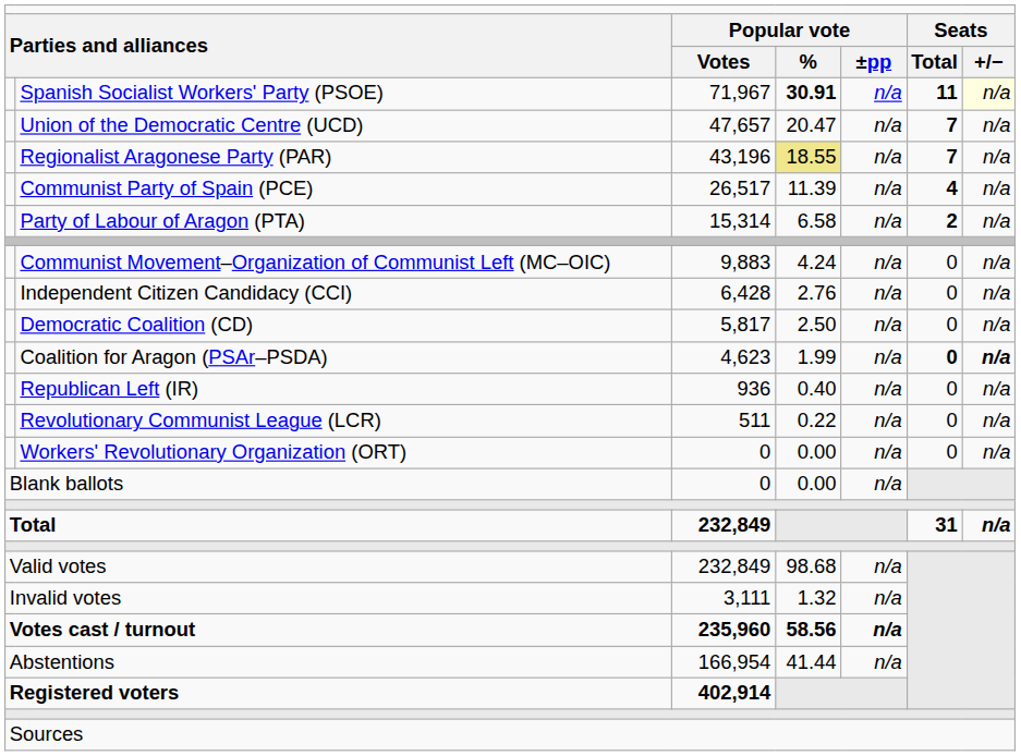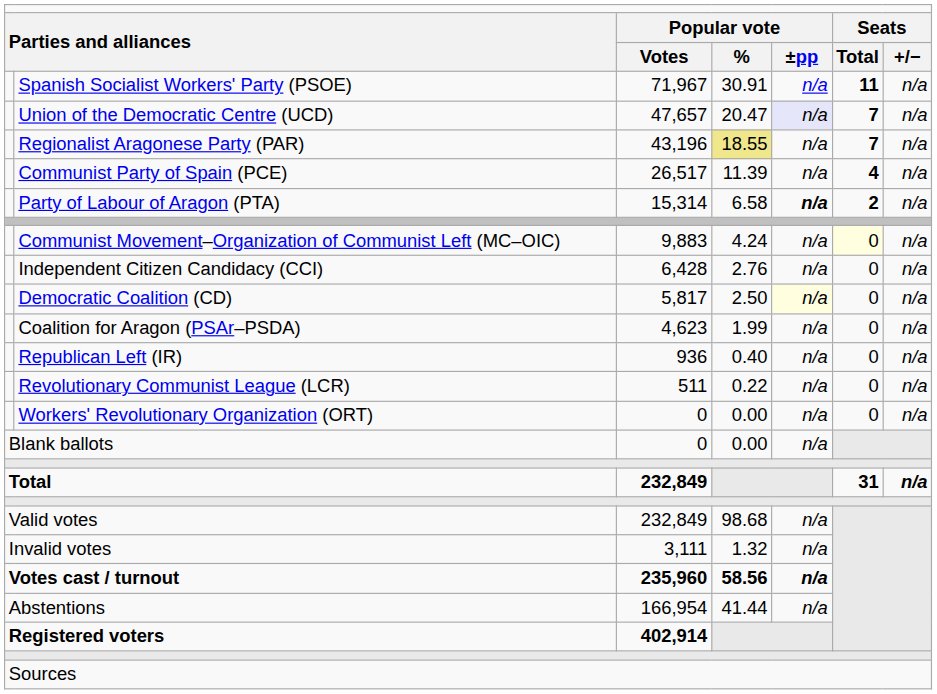 <table class="wikitable" style="text-align:right;">
 <tr>
 <td colspan="7"></td>
 </tr>
 <tr>
 <th style="text-align:left;" rowspan="2" colspan="2" width="525">Parties and alliances</th>
 <th colspan="3">Popular vote</th>
 <th colspan="2">Seats</th>
 </tr>
 <tr>
 <th width="75">Votes</th>
 <th width="45">%</th>
 <th width="45">±<a href='#'>pp</a></th>
 <th width="35">Total</th>
 <th width="35">+/−</th>
 </tr>
 <tr>
 <td width="1" style="color:inherit;background:"></td>
 <td align="left"><a href='#'>Spanish Socialist Workers' Party</a> (PSOE)</td>
 <td>71,967</td>
-<td><strong>30.91</strong></td>
+<td>30.91</td>
 <td><em><a href='#'>n/a</a></em></td>
 <td><strong>11</strong></td>
-<td style="background: lightyellow;"><em>n/a</em></td>
+<td><em>n/a</em></td>
 </tr>
 <tr>
 <td style="color:inherit;background:"></td>
 <td align="left"><a href='#'>Union of the Democratic Centre</a> (UCD)</td>
 <td>47,657</td>
 <td>20.47</td>
-<td><em>n/a</em></td>
+<td style="background: lavender;"><em>n/a</em></td>
 <td><strong>7</strong></td>
 <td><em>n/a</em></td>
 </tr>
 <tr>
 <td style="color:inherit;background:"></td>
 <td align="left"><a href='#'>Regionalist Aragonese Party</a> (PAR)</td>
 <td>43,196</td>
 <td style="background: khaki;">18.55</td>
 <td><em>n/a</em></td>
 <td><strong>7</strong></td>
 <td><em>n/a</em></td>
 </tr>
 <tr>
 <td style="color:inherit;background:"></td>
 <td align="left"><a href='#'>Communist Party of Spain</a> (PCE)</td>
 <td>26,517</td>
 <td>11.39</td>
 <td><em>n/a</em></td>
 <td><strong>4</strong></td>
 <td><em>n/a</em></td>
 </tr>
 <tr>
 <td style="color:inherit;background:"></td>
 <td align="left"><a href='#'>Party of Labour of Aragon</a> (PTA)</td>
 <td>15,314</td>
 <td>6.58</td>
-<td><em>n/a</em></td>
+<td><strong><em>n/a</em></strong></td>
 <td><strong>2</strong></td>
 <td><em>n/a</em></td>
 </tr>
 <tr>
 <td colspan="7" bgcolor="#C0C0C0"></td>
 </tr>
 <tr>
 <td style="color:inherit;background:"></td>
 <td align="left"><a href='#'>Communist Movement</a>–<a href='#'>Organization of Communist Left</a> (MC–OIC)</td>
 <td>9,883</td>
 <td>4.24</td>
 <td><em>n/a</em></td>
-<td>0</td>
+<td style="background: lightyellow;">0</td>
 <td><em>n/a</em></td>
 </tr>
 <tr>
 <td style="color:inherit;background:"></td>
 <td align="left">Independent Citizen Candidacy (CCI)</td>
 <td>6,428</td>
 <td>2.76</td>
 <td><em>n/a</em></td>
 <td>0</td>
 <td><em>n/a</em></td>
 </tr>
 <tr>
 <td style="color:inherit;background:"></td>
 <td align="left"><a href='#'>Democratic Coalition</a> (CD)</td>
 <td>5,817</td>
 <td>2.50</td>
-<td><em>n/a</em></td>
+<td style="background: lightyellow;"><em>n/a</em></td>
 <td>0</td>
 <td><em>n/a</em></td>
 </tr>
 <tr>
 <td style="color:inherit;background:"></td>
 <td align="left">Coalition for Aragon (<a href='#'>PSAr</a>–PSDA)</td>
 <td>4,623</td>
 <td>1.99</td>
 <td><em>n/a</em></td>
-<td><strong>0</strong></td>
-<td><strong><em>n/a</em></strong></td>
+<td>0</td>
+<td><em>n/a</em></td>
 </tr>
 <tr>
 <td style="color:inherit;background:"></td>
 <td align="left"><a href='#'>Republican Left</a> (IR)</td>
 <td>936</td>
 <td>0.40</td>
 <td><em>n/a</em></td>
 <td>0</td>
 <td><em>n/a</em></td>
 </tr>
 <tr>
 <td style="color:inherit;background:"></td>
 <td align="left"><a href='#'>Revolutionary Communist League</a> (LCR)</td>
 <td>511</td>
 <td>0.22</td>
 <td><em>n/a</em></td>
 <td>0</td>
 <td><em>n/a</em></td>
 </tr>
 <tr>
 <td style="color:inherit;background:"></td>
 <td align="left"><a href='#'>Workers' Revolutionary Organization</a> (ORT)</td>
 <td>0</td>
 <td>0.00</td>
 <td><em>n/a</em></td>
 <td>0</td>
 <td><em>n/a</em></td>
 </tr>
 <tr>
 <td align="left" colspan="2">Blank ballots</td>
 <td>0</td>
 <td>0.00</td>
 <td><em>n/a</em></td>
 <td bgcolor="#E9E9E9" colspan="2"></td>
 </tr>
 <tr>
 <td colspan="7" bgcolor="#E9E9E9"></td>
 </tr>
 <tr style="font-weight:bold;">
 <td align="left" colspan="2">Total</td>
 <td>232,849</td>
 <td bgcolor="#E9E9E9" colspan="2"></td>
 <td>31</td>
 <td><em>n/a</em></td>
 </tr>
 <tr>
 <td colspan="7" bgcolor="#E9E9E9"></td>
 </tr>
 <tr>
 <td align="left" colspan="2">Valid votes</td>
 <td>232,849</td>
 <td>98.68</td>
 <td><em>n/a</em></td>
 <td bgcolor="#E9E9E9" colspan="2" rowspan="5"></td>
 </tr>
 <tr>
 <td align="left" colspan="2">Invalid votes</td>
 <td>3,111</td>
 <td>1.32</td>
 <td><em>n/a</em></td>
 </tr>
 <tr style="font-weight:bold;">
 <td align="left" colspan="2">Votes cast / turnout</td>
 <td>235,960</td>
 <td>58.56</td>
 <td><em>n/a</em></td>
 </tr>
 <tr>
 <td align="left" colspan="2">Abstentions</td>
 <td>166,954</td>
 <td>41.44</td>
 <td><em>n/a</em></td>
 </tr>
 <tr style="font-weight:bold;">
 <td align="left" colspan="2">Registered voters</td>
 <td>402,914</td>
 <td bgcolor="#E9E9E9" colspan="2"></td>
 </tr>
 <tr>
 <td colspan="7" bgcolor="#E9E9E9"></td>
 </tr>
 <tr>
 <td align="left" colspan="7">Sources</td>
 </tr>
 </table>
